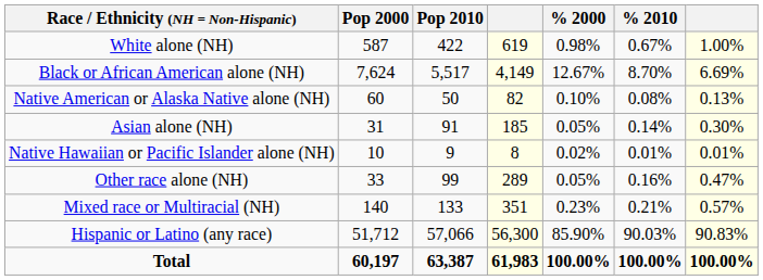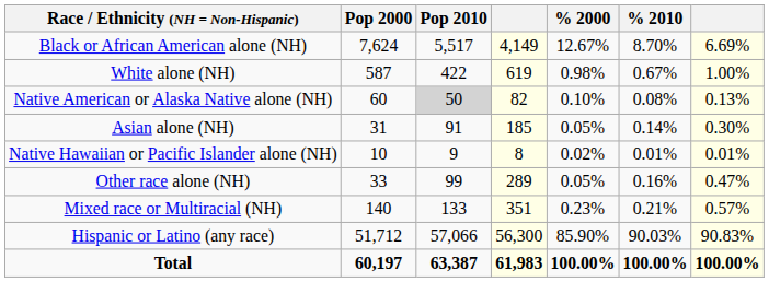 <table class="wikitable" style="text-align:center;">
 <tr>
 <th>Race / Ethnicity <small>(<em>NH = Non-Hispanic</em>)</small></th>
 <th>Pop 2000</th>
 <th>Pop 2010</th>
 <th></th>
 <th>% 2000</th>
 <th>% 2010</th>
 <th></th>
 </tr>
 <tr>
+<td><a href='#'>Black or African American</a> alone (NH)</td>
+<td>7,624</td>
+<td>5,517</td>
+<td style='background: #ffffe6;'>4,149</td>
+<td>12.67%</td>
+<td>8.70%</td>
+<td style='background: #ffffe6;'>6.69%</td>
+</tr>
+<tr>
 <td><a href='#'>White</a> alone (NH)</td>
 <td>587</td>
 <td>422</td>
 <td style='background: #ffffe6;'>619</td>
 <td>0.98%</td>
 <td>0.67%</td>
 <td style='background: #ffffe6;'>1.00%</td>
 </tr>
 <tr>
-<td><a href='#'>Black or African American</a> alone (NH)</td>
-<td>7,624</td>
-<td>5,517</td>
-<td style='background: #ffffe6;'>4,149</td>
-<td>12.67%</td>
-<td>8.70%</td>
-<td style='background: #ffffe6;'>6.69%</td>
-</tr>
-<tr>
 <td><a href='#'>Native American</a> or <a href='#'>Alaska Native</a> alone (NH)</td>
 <td>60</td>
-<td>50</td>
+<td style="background: lightgrey;">50</td>
 <td style='background: #ffffe6;'>82</td>
 <td>0.10%</td>
 <td>0.08%</td>
 <td style='background: #ffffe6;'>0.13%</td>
 </tr>
 <tr>
 <td><a href='#'>Asian</a> alone (NH)</td>
 <td>31</td>
 <td>91</td>
 <td style='background: #ffffe6;'>185</td>
 <td>0.05%</td>
 <td>0.14%</td>
 <td style='background: #ffffe6;'>0.30%</td>
 </tr>
 <tr>
 <td><a href='#'>Native Hawaiian</a> or <a href='#'>Pacific Islander</a> alone (NH)</td>
 <td>10</td>
 <td>9</td>
 <td style='background: #ffffe6;'>8</td>
 <td>0.02%</td>
 <td>0.01%</td>
 <td style='background: #ffffe6;'>0.01%</td>
 </tr>
 <tr>
 <td><a href='#'>Other race</a> alone (NH)</td>
 <td>33</td>
 <td>99</td>
 <td style='background: #ffffe6;'>289</td>
 <td>0.05%</td>
 <td>0.16%</td>
 <td style='background: #ffffe6;'>0.47%</td>
 </tr>
 <tr>
 <td><a href='#'>Mixed race or Multiracial</a> (NH)</td>
 <td>140</td>
 <td>133</td>
 <td style='background: #ffffe6;'>351</td>
 <td>0.23%</td>
 <td>0.21%</td>
 <td style='background: #ffffe6;'>0.57%</td>
 </tr>
 <tr>
 <td><a href='#'>Hispanic or Latino</a> (any race)</td>
 <td>51,712</td>
 <td>57,066</td>
 <td style='background: #ffffe6;'>56,300</td>
 <td>85.90%</td>
 <td>90.03%</td>
 <td style='background: #ffffe6;'>90.83%</td>
 </tr>
 <tr>
 <td><strong>Total</strong></td>
 <td><strong>60,197</strong></td>
 <td><strong>63,387</strong></td>
 <td style='background: #ffffe6;'><strong>61,983</strong></td>
 <td><strong>100.00%</strong></td>
 <td><strong>100.00%</strong></td>
 <td style='background: #ffffe6;'><strong>100.00%</strong></td>
 </tr>
 </table>
